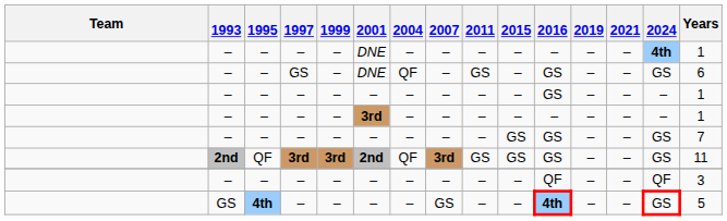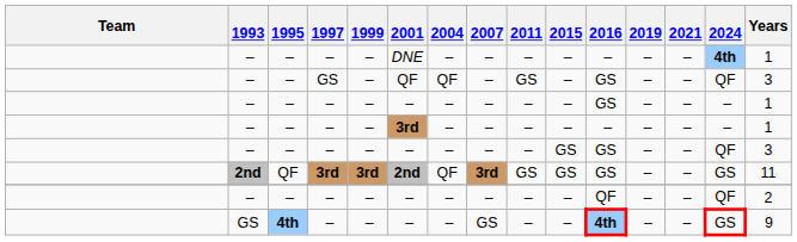 <table class="wikitable" style="text-align:center; font-size:90%">
 <tr>
 <th width=210>Team</th>
 <th><br><a href='#'>1993</a></th>
 <th><br><a href='#'>1995</a></th>
 <th><br><a href='#'>1997</a></th>
 <th><br><a href='#'>1999</a></th>
 <th><br><a href='#'>2001</a></th>
 <th><br><a href='#'>2004</a></th>
 <th><br><a href='#'>2007</a></th>
 <th><br><a href='#'>2011</a></th>
 <th><br><a href='#'>2015</a></th>
 <th><br><a href='#'>2016</a></th>
 <th><br><a href='#'>2019</a></th>
 <th><br><a href='#'>2021</a></th>
 <th><br><a href='#'>2024</a></th>
 <th>Years</th>
 </tr>
 <tr>
 <td align=left></td>
 <td> –</td>
 <td> –</td>
 <td> –</td>
 <td> –</td>
 <td><em>DNE</em></td>
 <td> –</td>
 <td> –</td>
 <td> –</td>
 <td> –</td>
 <td> –</td>
 <td> –</td>
 <td> –</td>
 <td bgcolor=#9acdff><strong>4th</strong></td>
 <td>1</td>
 </tr>
 <tr>
 <td align=left></td>
 <td> –</td>
 <td> –</td>
 <td>GS</td>
 <td> –</td>
-<td><em>DNE</em></td>
+<td>QF</td>
 <td>QF</td>
 <td> –</td>
 <td>GS</td>
 <td> –</td>
 <td>GS</td>
 <td> –</td>
 <td> –</td>
-<td>GS</td>
-<td>6</td>
+<td>QF</td>
+<td>3</td>
 </tr>
 <tr>
 <td align=left></td>
 <td> –</td>
 <td> –</td>
 <td> –</td>
 <td> –</td>
 <td> –</td>
 <td> –</td>
 <td> –</td>
 <td> –</td>
 <td> –</td>
 <td>GS</td>
 <td> –</td>
 <td> –</td>
 <td> –</td>
 <td>1</td>
 </tr>
 <tr>
 <td align=left></td>
 <td> –</td>
 <td> –</td>
 <td> –</td>
 <td> –</td>
 <td bgcolor=cc9966><strong>3rd</strong></td>
 <td> –</td>
 <td> –</td>
 <td> –</td>
 <td> –</td>
 <td> –</td>
 <td> –</td>
 <td> –</td>
 <td> –</td>
 <td>1</td>
 </tr>
 <tr>
 <td align=left></td>
 <td> –</td>
 <td> –</td>
 <td> –</td>
 <td> –</td>
 <td> –</td>
 <td> –</td>
 <td> –</td>
 <td> –</td>
 <td>GS</td>
 <td>GS</td>
 <td> –</td>
 <td> –</td>
-<td>GS</td>
-<td>7</td>
+<td>QF</td>
+<td>3</td>
 </tr>
 <tr>
 <td align=left></td>
 <td bgcolor=Silver><strong>2nd</strong></td>
 <td>QF</td>
 <td bgcolor=cc9966><strong>3rd</strong></td>
 <td bgcolor=cc9966><strong>3rd</strong></td>
 <td bgcolor=Silver><strong>2nd</strong></td>
 <td>QF</td>
 <td bgcolor=cc9966><strong>3rd</strong></td>
 <td>GS</td>
 <td>GS</td>
 <td>GS</td>
 <td> –</td>
 <td> –</td>
 <td>GS</td>
 <td>11</td>
 </tr>
 <tr>
 </tr>
 <tr>
 <td align=left></td>
 <td> –</td>
 <td> –</td>
 <td> –</td>
 <td> –</td>
 <td> –</td>
 <td> –</td>
 <td> –</td>
 <td> –</td>
 <td> –</td>
 <td>QF</td>
 <td> –</td>
 <td> –</td>
 <td>QF</td>
-<td>3</td>
+<td>2</td>
 </tr>
 <tr>
 <td align=left></td>
 <td>GS</td>
 <td bgcolor=#9acdff><strong>4th</strong></td>
 <td> –</td>
 <td> –</td>
 <td> –</td>
 <td> –</td>
 <td>GS</td>
 <td> –</td>
 <td> –</td>
 <td style="border: 3px solid red" bgcolor=#9acdff><strong>4th</strong></td>
 <td> –</td>
 <td> –</td>
 <td style="border: 3px solid red">GS</td>
-<td>5</td>
+<td>9</td>
 </tr>
 </table>
